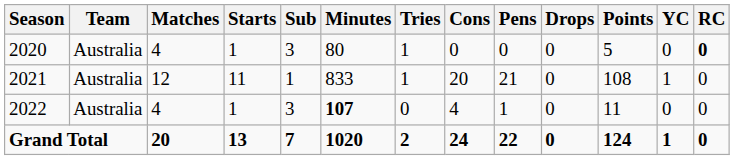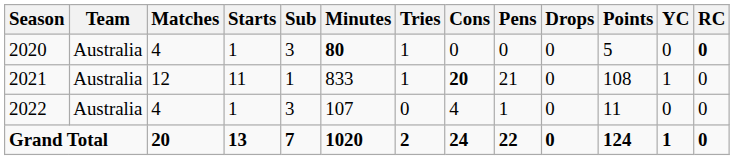 <table class="wikitable">
 <tr>
 <th>Season</th>
 <th>Team</th>
 <th>Matches</th>
 <th>Starts</th>
 <th>Sub</th>
 <th>Minutes</th>
 <th>Tries</th>
 <th>Cons</th>
 <th>Pens</th>
 <th>Drops</th>
 <th>Points</th>
 <th>YC</th>
 <th>RC</th>
 </tr>
 <tr>
 <td>2020</td>
 <td>Australia</td>
 <td>4</td>
 <td>1</td>
 <td>3</td>
-<td>80</td>
+<td><strong>80</strong></td>
 <td>1</td>
 <td>0</td>
 <td>0</td>
 <td>0</td>
 <td>5</td>
 <td>0</td>
 <td><strong>0</strong></td>
 </tr>
 <tr>
 <td>2021</td>
 <td>Australia</td>
 <td>12</td>
 <td>11</td>
 <td>1</td>
 <td>833</td>
 <td>1</td>
-<td>20</td>
+<td><strong>20</strong></td>
 <td>21</td>
 <td>0</td>
 <td>108</td>
 <td>1</td>
 <td>0</td>
 </tr>
 <tr>
 <td>2022</td>
 <td>Australia</td>
 <td>4</td>
 <td>1</td>
 <td>3</td>
-<td><strong>107</strong></td>
+<td>107</td>
 <td>0</td>
 <td>4</td>
 <td>1</td>
 <td>0</td>
 <td>11</td>
 <td>0</td>
 <td>0</td>
 </tr>
 <tr>
 <td colspan="2" rowspan="1"><strong>Grand Total</strong></td>
 <td><strong>20</strong></td>
 <td><strong>13</strong></td>
 <td><strong>7</strong></td>
 <td><strong>1020</strong></td>
 <td><strong>2</strong></td>
 <td><strong>24</strong></td>
 <td><strong>22</strong></td>
 <td><strong>0</strong></td>
 <td><strong>124</strong></td>
 <td><strong>1</strong></td>
 <td><strong>0</strong></td>
 </tr>
 </table>
